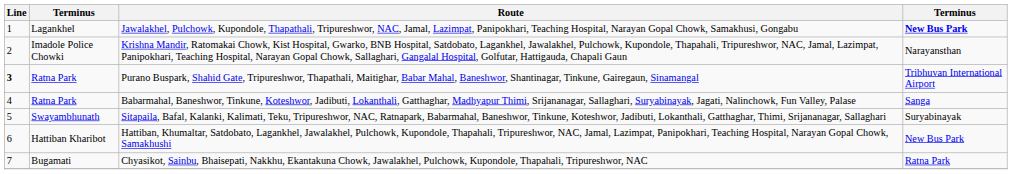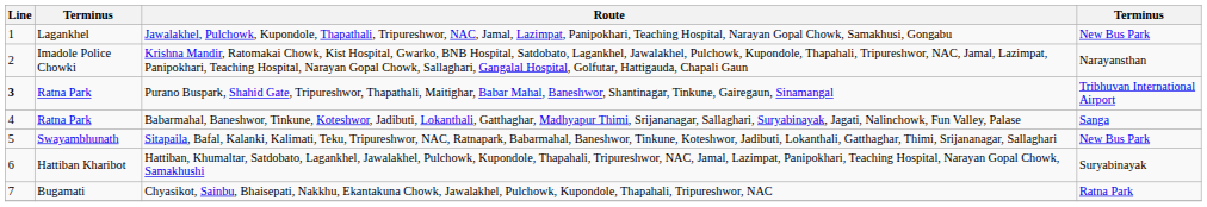 <table class="wikitable">
 <tr>
 <th>Line</th>
 <th>Terminus</th>
 <th>Route</th>
 <th>Terminus</th>
 </tr>
 <tr>
 <td>1</td>
 <td>Lagankhel</td>
 <td><a href='#'>Jawalakhel</a>, <a href='#'>Pulchowk</a>, Kupondole, <a href='#'>Thapathali</a>, Tripureshwor, <a href='#'>NAC</a>, Jamal, <a href='#'>Lazimpat</a>, Panipokhari, Teaching Hospital, Narayan Gopal Chowk, Samakhusi, Gongabu</td>
-<td><strong><a href='#'>New Bus Park</a></strong></td>
+<td><a href='#'>New Bus Park</a></td>
 </tr>
 <tr>
 <td>2</td>
 <td>Imadole Police Chowki</td>
 <td><a href='#'>Krishna Mandir</a>, Ratomakai Chowk, Kist Hospital, Gwarko, BNB Hospital, Satdobato, Lagankhel, Jawalakhel, Pulchowk, Kupondole, Thapahali, Tripureshwor, NAC, Jamal, Lazimpat, Panipokhari, Teaching Hospital, Narayan Gopal Chowk, Sallaghari, <a href='#'>Gangalal Hospital</a>, Golfutar, Hattigauda, Chapali Gaun</td>
 <td>Narayansthan</td>
 </tr>
 <tr>
 <td><strong>3</strong></td>
 <td><a href='#'>Ratna Park</a></td>
 <td>Purano Buspark, <a href='#'>Shahid Gate</a>, Tripureshwor, Thapathali, Maitighar, <a href='#'>Babar Mahal</a>, <a href='#'>Baneshwor</a>, Shantinagar, Tinkune,  Gairegaun, <a href='#'>Sinamangal</a></td>
 <td><a href='#'>Tribhuvan International Airport</a></td>
 </tr>
 <tr>
 <td>4</td>
 <td><a href='#'>Ratna Park</a></td>
 <td>Babarmahal, Baneshwor, Tinkune, <a href='#'>Koteshwor</a>, Jadibuti, <a href='#'>Lokanthali</a>, Gatthaghar, <a href='#'>Madhyapur Thimi</a>, Srijananagar, Sallaghari, <a href='#'>Suryabinayak</a>, Jagati, Nalinchowk, Fun Valley, Palase</td>
 <td><a href='#'>Sanga</a></td>
 </tr>
 <tr>
 <td>5</td>
 <td><a href='#'>Swayambhunath</a></td>
 <td><a href='#'>Sitapaila</a>, Bafal,  Kalanki, Kalimati, Teku, Tripureshwor, NAC, Ratnapark, Babarmahal, Baneshwor,  Tinkune,  Koteshwor,  Jadibuti, Lokanthali, Gatthaghar, Thimi, Srijananagar, Sallaghari</td>
-<td>Suryabinayak</td>
+<td><a href='#'>New Bus Park</a></td>
 </tr>
 <tr>
 <td>6</td>
 <td>Hattiban Kharibot</td>
 <td>Hattiban, Khumaltar, Satdobato, Lagankhel, Jawalakhel, Pulchowk, Kupondole, Thapahali, Tripureshwor, NAC, Jamal, Lazimpat, Panipokhari, Teaching Hospital, Narayan Gopal Chowk, <a href='#'>Samakhushi</a></td>
-<td><a href='#'>New Bus Park</a></td>
+<td>Suryabinayak</td>
 </tr>
 <tr>
 <td>7</td>
 <td>Bugamati</td>
 <td>Chyasikot, <a href='#'>Sainbu</a>, Bhaisepati, Nakkhu, Ekantakuna Chowk, Jawalakhel, Pulchowk, Kupondole, Thapahali, Tripureshwor, NAC</td>
 <td><a href='#'>Ratna Park</a></td>
 </tr>
 <tr>
 </tr>
 </table>
